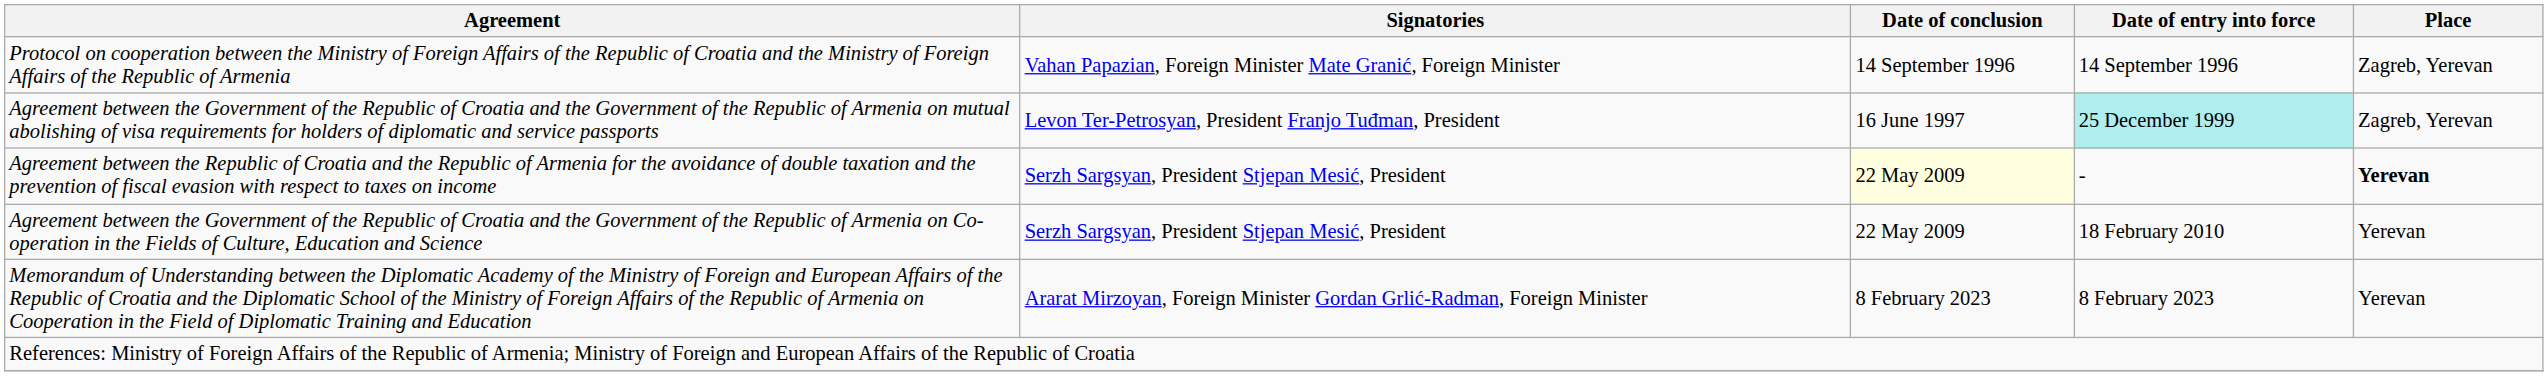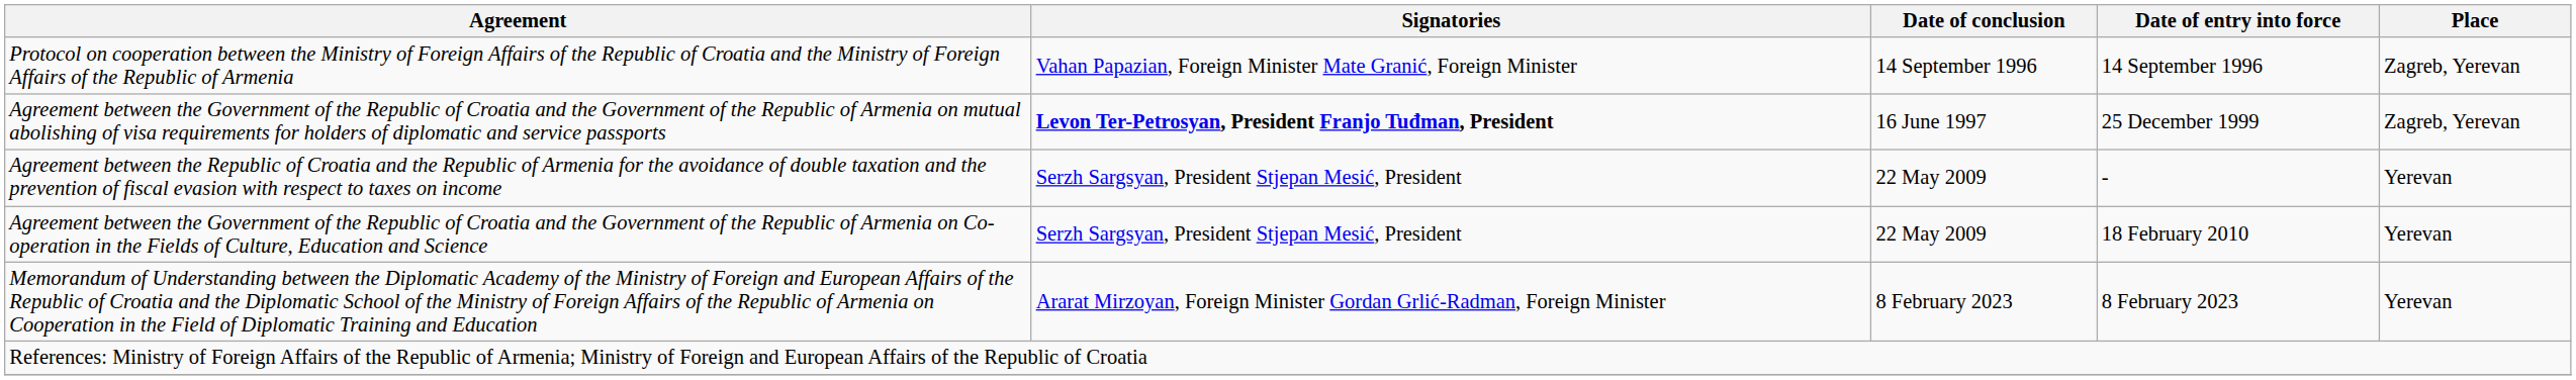 <table class="wikitable" style="margin:auto;">
 <tr>
 <th style="width:40%;">Agreement</th>
 <th>Signatories</th>
 <th>Date of conclusion</th>
 <th>Date of entry into force</th>
 <th>Place</th>
 </tr>
 <tr>
 <td><em>Protocol on cooperation between the Ministry of Foreign Affairs of the Republic of Croatia and the Ministry of Foreign Affairs of the Republic of Armenia</em></td>
 <td> <a href='#'>Vahan Papazian</a>, Foreign Minister <a href='#'>Mate Granić</a>, Foreign Minister</td>
 <td>14 September 1996</td>
 <td>14 September 1996</td>
 <td>Zagreb, Yerevan</td>
 </tr>
 <tr>
 <td><em>Agreement between the Government of the Republic of Croatia and the Government of the Republic of Armenia on mutual abolishing of visa requirements for holders of diplomatic and service passports</em></td>
-<td> <a href='#'>Levon Ter-Petrosyan</a>, President <a href='#'>Franjo Tuđman</a>, President</td>
+<td><strong> <a href='#'>Levon Ter-Petrosyan</a>, President <a href='#'>Franjo Tuđman</a>, President</strong></td>
 <td>16 June 1997</td>
-<td style="background: paleturquoise;">25 December 1999</td>
+<td>25 December 1999</td>
 <td>Zagreb, Yerevan</td>
 </tr>
 <tr>
 <td><em>Agreement between the Republic of Croatia and the Republic of Armenia for the avoidance of double taxation and the prevention of fiscal evasion with respect to taxes on income</em></td>
 <td> <a href='#'>Serzh Sargsyan</a>, President <a href='#'>Stjepan Mesić</a>, President</td>
-<td style="background: lightyellow;">22 May 2009</td>
+<td>22 May 2009</td>
 <td>-</td>
-<td><strong>Yerevan</strong></td>
+<td>Yerevan</td>
 </tr>
 <tr>
 <td><em>Agreement between the Government of the Republic of Croatia and the Government of the Republic of Armenia on Co-operation in the Fields of Culture, Education and Science</em></td>
 <td> <a href='#'>Serzh Sargsyan</a>, President <a href='#'>Stjepan Mesić</a>, President</td>
 <td>22 May 2009</td>
 <td>18 February 2010</td>
 <td>Yerevan</td>
 </tr>
 <tr>
 <td><em>Memorandum of Understanding between the Diplomatic Academy of the Ministry of Foreign and European Affairs of the Republic of Croatia and the Diplomatic School of the Ministry of Foreign Affairs of the Republic of Armenia on Cooperation in the Field of Diplomatic Training and Education</em></td>
 <td> <a href='#'>Ararat Mirzoyan</a>, Foreign Minister <a href='#'>Gordan Grlić-Radman</a>, Foreign Minister</td>
 <td>8 February 2023</td>
 <td>8 February 2023</td>
 <td>Yerevan</td>
 </tr>
 <tr>
 <td colspan=5>References: Ministry of Foreign Affairs of the Republic of Armenia; Ministry of Foreign and European Affairs of the Republic of Croatia</td>
 </tr>
 <tr>
 </tr>
 </table>
